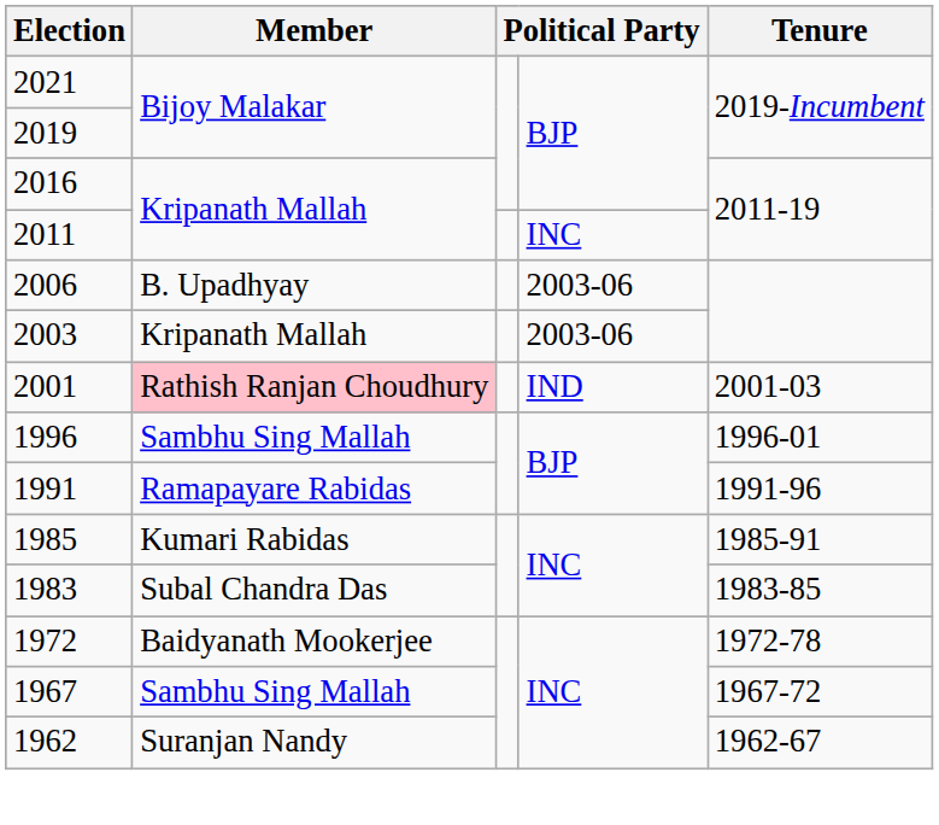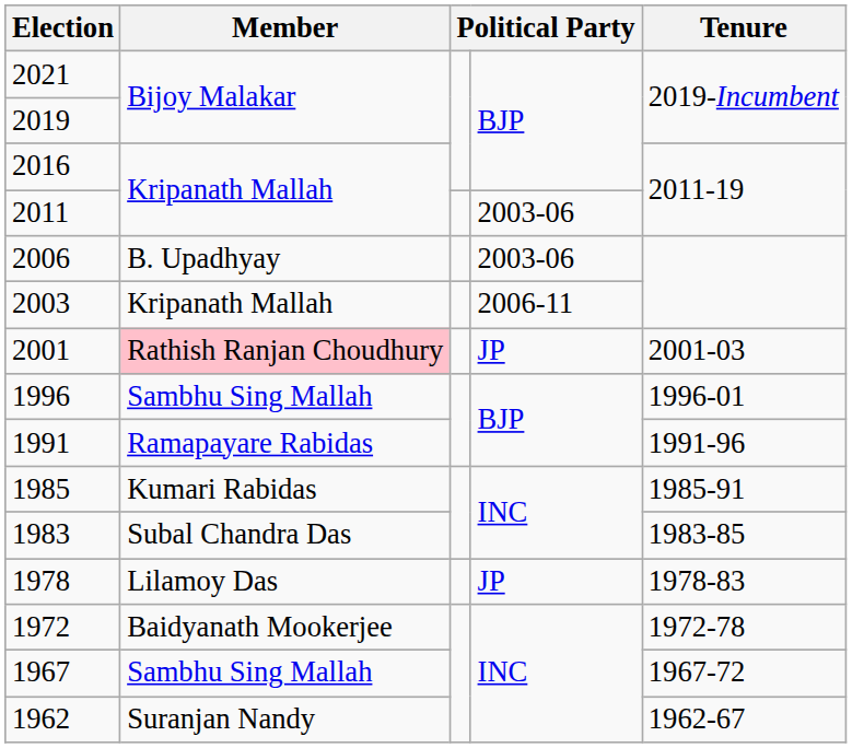 <table class="wikitable sortable">
 <tr>
 <th>Election</th>
 <th>Member</th>
 <th colspan="2">Political Party</th>
 <th>Tenure</th>
 </tr>
 <tr>
 <td>2021</td>
 <td rowspan=2><a href='#'>Bijoy Malakar</a></td>
 <td rowspan=3 style="background-color: "></td>
 <td rowspan=3><a href='#'>BJP</a></td>
 <td rowspan=2>2019-<em><a href='#'>Incumbent</a></em></td>
 </tr>
 <tr>
 <td>2019</td>
 </tr>
 <tr>
 <td>2016</td>
 <td rowspan=2><a href='#'>Kripanath Mallah</a></td>
 <td rowspan=2>2011-19</td>
 </tr>
 <tr>
 <td>2011</td>
 <td style="background-color:"></td>
-<td><a href='#'>INC</a></td>
+<td>2003-06</td>
 </tr>
 <tr>
 <td>2006</td>
 <td>B. Upadhyay</td>
 <td></td>
 <td>2003-06</td>
 </tr>
 <tr>
 <td>2003</td>
 <td>Kripanath Mallah</td>
 <td></td>
-<td>2003-06</td>
+<td>2006-11</td>
 </tr>
 <tr>
 <td>2001</td>
 <td style="background: pink;">Rathish Ranjan Choudhury</td>
 <td style="background-color:"></td>
-<td><a href='#'>IND</a></td>
+<td><a href='#'>JP</a></td>
 <td>2001-03</td>
 </tr>
 <tr>
 <td>1996</td>
 <td><a href='#'>Sambhu Sing Mallah</a></td>
 <td rowspan=2 style="background-color: "></td>
 <td rowspan=2><a href='#'>BJP</a></td>
 <td>1996-01</td>
 </tr>
 <tr>
 <td>1991</td>
 <td><a href='#'>Ramapayare Rabidas</a></td>
 <td>1991-96</td>
 </tr>
 <tr>
 <td>1985</td>
 <td>Kumari Rabidas</td>
 <td rowspan=2 style="background-color:"></td>
 <td rowspan=2><a href='#'>INC</a></td>
 <td>1985-91</td>
 </tr>
 <tr>
 <td>1983</td>
 <td>Subal Chandra Das</td>
 <td>1983-85</td>
 </tr>
 <tr>
+<td>1978</td>
+<td>Lilamoy Das</td>
+<td style="background-color:"></td>
+<td><a href='#'>JP</a></td>
+<td>1978-83</td>
+</tr>
+<tr>
 <td>1972</td>
 <td>Baidyanath Mookerjee</td>
 <td rowspan=3 style="background-color:"></td>
 <td rowspan=3><a href='#'>INC</a></td>
 <td>1972-78</td>
 </tr>
 <tr>
 <td>1967</td>
 <td><a href='#'>Sambhu Sing Mallah</a></td>
 <td>1967-72</td>
 </tr>
 <tr>
 <td>1962</td>
 <td>Suranjan Nandy</td>
 <td>1962-67</td>
 </tr>
 </table>
